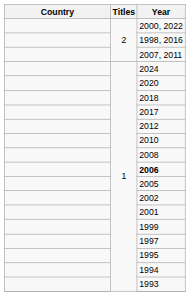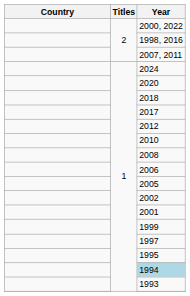 <table class="wikitable sortable" style="font-size: 80%;">
 <tr>
 <th width="150">Country</th>
 <th width="30">Titles</th>
 <th>Year</th>
 </tr>
 <tr>
 <td align=left></td>
 <td align=center rowspan="3">2</td>
 <td align=left>2000, 2022</td>
 </tr>
 <tr>
 <td align=left></td>
 <td align=left>1998, 2016</td>
 </tr>
 <tr>
 <td align=left></td>
 <td align=left>2007, 2011</td>
 </tr>
 <tr>
 <td align=left></td>
 <td align=center rowspan="17">1</td>
 <td align=left>2024</td>
 </tr>
 <tr>
 <td align=left></td>
 <td align=left>2020</td>
 </tr>
 <tr>
 <td align=left></td>
 <td align=left>2018</td>
 </tr>
 <tr>
 <td align=left></td>
 <td align=left>2017</td>
 </tr>
 <tr>
 <td align=left></td>
 <td align=left>2012</td>
 </tr>
 <tr>
 <td align=left></td>
 <td align=left>2010</td>
 </tr>
 <tr>
 <td align=left></td>
 <td align=left>2008</td>
 </tr>
 <tr>
 <td align=left></td>
-<td align=left><strong>2006</strong></td>
+<td align=left>2006</td>
 </tr>
 <tr>
 <td align=left></td>
 <td align=left>2005</td>
 </tr>
 <tr>
 <td align=left></td>
 <td align=left>2002</td>
 </tr>
 <tr>
 <td align=left></td>
 <td align=left>2001</td>
 </tr>
 <tr>
 <td align=left></td>
 <td align=left>1999</td>
 </tr>
 <tr>
 <td align=left></td>
 <td align=left>1997</td>
 </tr>
 <tr>
 <td align=left></td>
 <td align=left>1995</td>
 </tr>
 <tr>
 <td align=left></td>
-<td align=left>1994</td>
+<td align=left style="background: lightblue;">1994</td>
 </tr>
 <tr>
 <td align=left></td>
 <td align=left>1993</td>
 </tr>
 <tr>
 </tr>
 </table>
